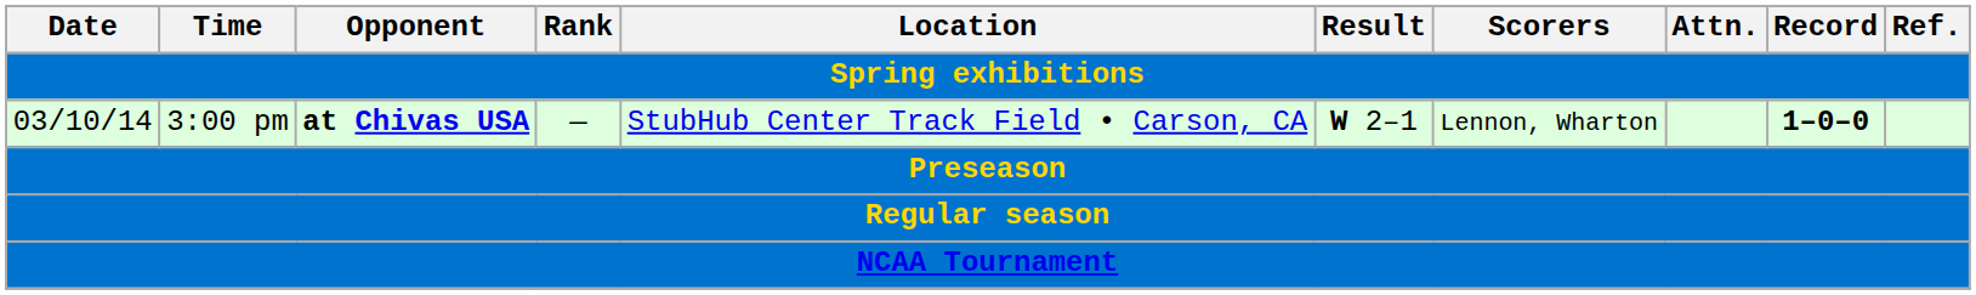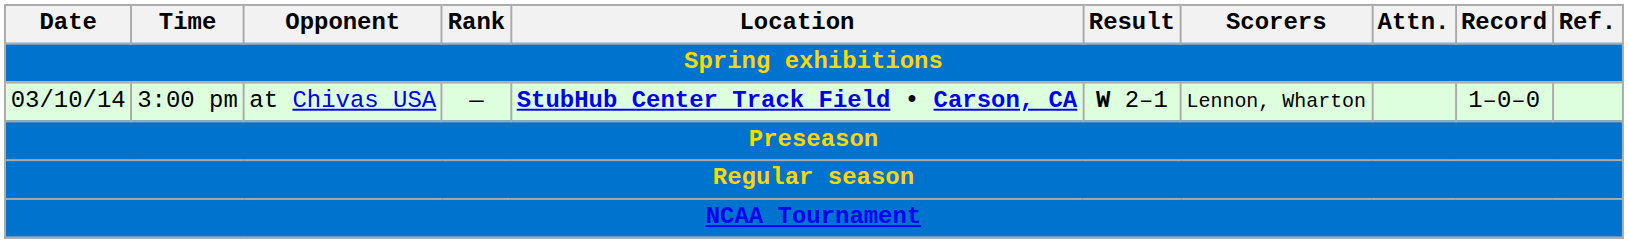 <table class="wikitable" style="font-size:95%; text-align:center">
 <tr>
 <th>Date</th>
 <th>Time</th>
 <th>Opponent</th>
 <th>Rank</th>
 <th>Location</th>
 <th>Result</th>
 <th>Scorers</th>
 <th>Attn.</th>
 <th>Record</th>
 <th>Ref.</th>
 </tr>
 <tr>
 <th colspan=10 style="background:#0073CF; color:gold;">Spring exhibitions</th>
 </tr>
 <tr style="background:#dfd;">
 <td> 03/10/14</td>
 <td> 3:00 pm</td>
-<td><strong> at <a href='#'>Chivas USA</a></strong></td>
+<td> at <a href='#'>Chivas USA</a></td>
 <td> —</td>
-<td> <a href='#'>StubHub Center Track Field</a> • <a href='#'>Carson, CA</a></td>
+<td><strong> <a href='#'>StubHub Center Track Field</a> • <a href='#'>Carson, CA</a></strong></td>
 <td> <strong>W</strong> 2–1</td>
 <td> <small>Lennon, Wharton</small></td>
 <td></td>
-<td><strong> 1–0–0</strong></td>
+<td> 1–0–0</td>
 <td></td>
 </tr>
 <tr>
 <th colspan=10 style="background:#0073CF; color:gold;">Preseason</th>
 </tr>
 <tr>
 <th colspan=10 style="background:#0073CF; color:gold;">Regular season</th>
 </tr>
 <tr>
 <th colspan=10 style="background:#0073CF; color:gold;"><a href='#'><span>NCAA Tournament</span></a></th>
 </tr>
 <tr>
 </tr>
 </table>
